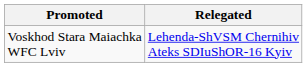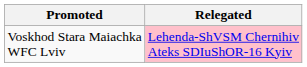 <table class="wikitable">
 <tr>
 <th>Promoted</th>
 <th>Relegated</th>
 </tr>
 <tr>
 <td>Voskhod Stara Maiachka<br>WFC Lviv</td>
-<td><a href='#'>Lehenda-ShVSM Chernihiv</a> <br><a href='#'>Ateks SDIuShOR-16 Kyiv</a></td>
+<td style="background: pink;"><a href='#'>Lehenda-ShVSM Chernihiv</a> <br><a href='#'>Ateks SDIuShOR-16 Kyiv</a></td>
 </tr>
 </table>
